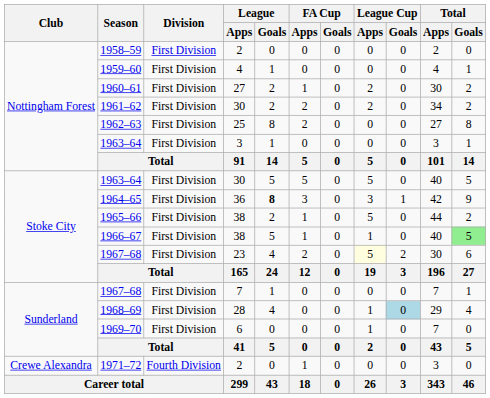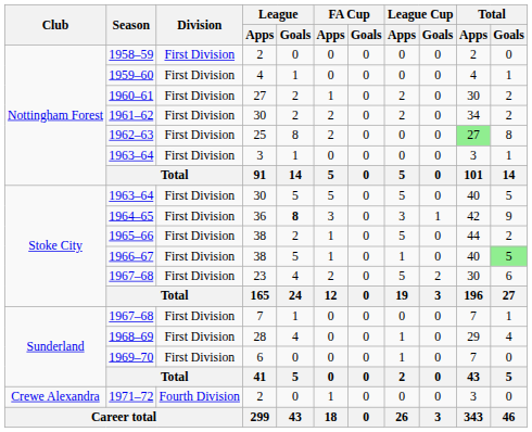 <table class="wikitable" style="text-align: center;">
 <tr>
 <th rowspan="2">Club</th>
 <th rowspan="2">Season</th>
 <th rowspan="2">Division</th>
 <th colspan="2">League</th>
 <th colspan="2">FA Cup</th>
 <th colspan="2">League Cup</th>
 <th colspan="2">Total</th>
 </tr>
 <tr>
 <th>Apps</th>
 <th>Goals</th>
 <th>Apps</th>
 <th>Goals</th>
 <th>Apps</th>
 <th>Goals</th>
 <th>Apps</th>
 <th>Goals</th>
 </tr>
 <tr>
 <td rowspan="7"><a href='#'>Nottingham Forest</a></td>
 <td><a href='#'>1958–59</a></td>
 <td><a href='#'>First Division</a></td>
 <td>2</td>
 <td>0</td>
 <td>0</td>
 <td>0</td>
 <td>0</td>
 <td>0</td>
 <td>2</td>
 <td>0</td>
 </tr>
 <tr>
 <td><a href='#'>1959–60</a></td>
 <td>First Division</td>
 <td>4</td>
 <td>1</td>
 <td>0</td>
 <td>0</td>
 <td>0</td>
 <td>0</td>
 <td>4</td>
 <td>1</td>
 </tr>
 <tr>
 <td><a href='#'>1960–61</a></td>
 <td>First Division</td>
 <td>27</td>
 <td>2</td>
 <td>1</td>
 <td>0</td>
 <td>2</td>
 <td>0</td>
 <td>30</td>
 <td>2</td>
 </tr>
 <tr>
 <td><a href='#'>1961–62</a></td>
 <td>First Division</td>
 <td>30</td>
 <td>2</td>
 <td>2</td>
 <td>0</td>
 <td>2</td>
 <td>0</td>
 <td>34</td>
 <td>2</td>
 </tr>
 <tr>
 <td><a href='#'>1962–63</a></td>
 <td>First Division</td>
 <td>25</td>
 <td>8</td>
 <td>2</td>
 <td>0</td>
 <td>0</td>
 <td>0</td>
-<td>27</td>
+<td style="background: lightgreen;">27</td>
 <td>8</td>
 </tr>
 <tr>
 <td><a href='#'>1963–64</a></td>
 <td>First Division</td>
 <td>3</td>
 <td>1</td>
 <td>0</td>
 <td>0</td>
 <td>0</td>
 <td>0</td>
 <td>3</td>
 <td>1</td>
 </tr>
 <tr>
 <th colspan="2">Total</th>
 <th>91</th>
 <th>14</th>
 <th>5</th>
 <th>0</th>
 <th>5</th>
 <th>0</th>
 <th>101</th>
 <th>14</th>
 </tr>
 <tr>
 <td rowspan="6"><a href='#'>Stoke City</a></td>
 <td><a href='#'>1963–64</a></td>
 <td>First Division</td>
 <td>30</td>
 <td>5</td>
 <td>5</td>
 <td>0</td>
 <td>5</td>
 <td>0</td>
 <td>40</td>
 <td>5</td>
 </tr>
 <tr>
 <td><a href='#'>1964–65</a></td>
 <td>First Division</td>
 <td>36</td>
 <td><strong>8</strong></td>
 <td>3</td>
 <td>0</td>
 <td>3</td>
 <td>1</td>
 <td>42</td>
 <td>9</td>
 </tr>
 <tr>
 <td><a href='#'>1965–66</a></td>
 <td>First Division</td>
 <td>38</td>
 <td>2</td>
 <td>1</td>
 <td>0</td>
 <td>5</td>
 <td>0</td>
 <td>44</td>
 <td>2</td>
 </tr>
 <tr>
 <td><a href='#'>1966–67</a></td>
 <td>First Division</td>
 <td>38</td>
 <td>5</td>
 <td>1</td>
 <td>0</td>
 <td>1</td>
 <td>0</td>
 <td>40</td>
 <td style="background: lightgreen;">5</td>
 </tr>
 <tr>
 <td><a href='#'>1967–68</a></td>
 <td>First Division</td>
 <td>23</td>
 <td>4</td>
 <td>2</td>
 <td>0</td>
-<td style="background: lightyellow;">5</td>
+<td>5</td>
 <td>2</td>
 <td>30</td>
 <td>6</td>
 </tr>
 <tr>
 <th colspan="2">Total</th>
 <th>165</th>
 <th>24</th>
 <th>12</th>
 <th>0</th>
 <th>19</th>
 <th>3</th>
 <th>196</th>
 <th>27</th>
 </tr>
 <tr>
 <td rowspan="4"><a href='#'>Sunderland</a></td>
 <td><a href='#'>1967–68</a></td>
 <td>First Division</td>
 <td>7</td>
 <td>1</td>
 <td>0</td>
 <td>0</td>
 <td>0</td>
 <td>0</td>
 <td>7</td>
 <td>1</td>
 </tr>
 <tr>
 <td><a href='#'>1968–69</a></td>
 <td>First Division</td>
 <td>28</td>
 <td>4</td>
 <td>0</td>
 <td>0</td>
 <td>1</td>
-<td style="background: lightblue;">0</td>
+<td>0</td>
 <td>29</td>
 <td>4</td>
 </tr>
 <tr>
 <td><a href='#'>1969–70</a></td>
 <td>First Division</td>
 <td>6</td>
 <td>0</td>
 <td>0</td>
 <td>0</td>
 <td>1</td>
 <td>0</td>
 <td>7</td>
 <td>0</td>
 </tr>
 <tr>
 <th colspan="2">Total</th>
 <th>41</th>
 <th>5</th>
 <th>0</th>
 <th>0</th>
 <th>2</th>
 <th>0</th>
 <th>43</th>
 <th>5</th>
 </tr>
 <tr>
 <td><a href='#'>Crewe Alexandra</a></td>
 <td><a href='#'>1971–72</a></td>
 <td><a href='#'>Fourth Division</a></td>
 <td>2</td>
 <td>0</td>
 <td>1</td>
 <td>0</td>
 <td>0</td>
 <td>0</td>
 <td>3</td>
 <td>0</td>
 </tr>
 <tr>
 <th colspan="3">Career total</th>
 <th>299</th>
 <th>43</th>
 <th>18</th>
 <th>0</th>
 <th>26</th>
 <th>3</th>
 <th>343</th>
 <th>46</th>
 </tr>
 </table>
